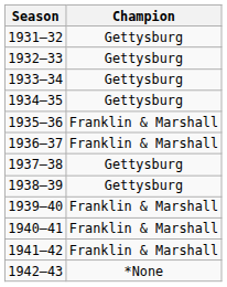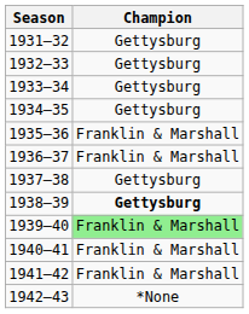 <table class="wikitable sortable" style="text-align:center;">
 <tr>
 <th>Season</th>
 <th>Champion</th>
 </tr>
 <tr>
 <td>1931–32</td>
 <td>Gettysburg</td>
 </tr>
 <tr>
 <td>1932–33</td>
 <td>Gettysburg</td>
 </tr>
 <tr>
 <td>1933–34</td>
 <td>Gettysburg</td>
 </tr>
 <tr>
 <td>1934–35</td>
 <td>Gettysburg</td>
 </tr>
 <tr>
 <td>1935–36</td>
 <td>Franklin & Marshall</td>
 </tr>
 <tr>
 <td>1936–37</td>
 <td>Franklin & Marshall</td>
 </tr>
 <tr>
 <td>1937–38</td>
 <td>Gettysburg</td>
 </tr>
 <tr>
 <td>1938–39</td>
-<td>Gettysburg</td>
+<td><strong>Gettysburg</strong></td>
 </tr>
 <tr>
 <td>1939–40</td>
-<td>Franklin & Marshall</td>
+<td style="background: lightgreen;">Franklin & Marshall</td>
 </tr>
 <tr>
 <td>1940–41</td>
 <td>Franklin & Marshall</td>
 </tr>
 <tr>
 <td>1941–42</td>
 <td>Franklin & Marshall</td>
 </tr>
 <tr>
 <td>1942–43</td>
 <td>*None</td>
 </tr>
 </table>
